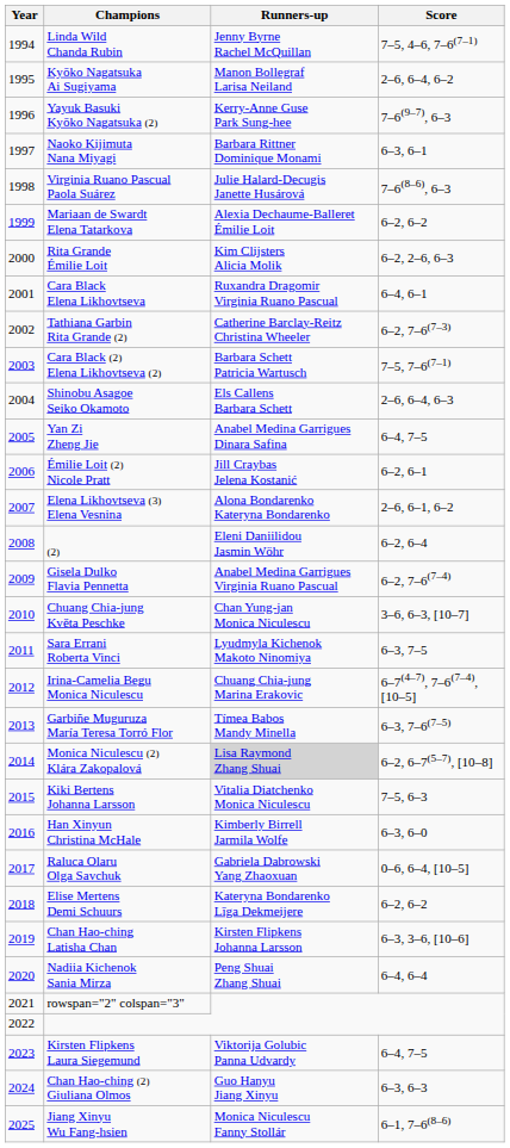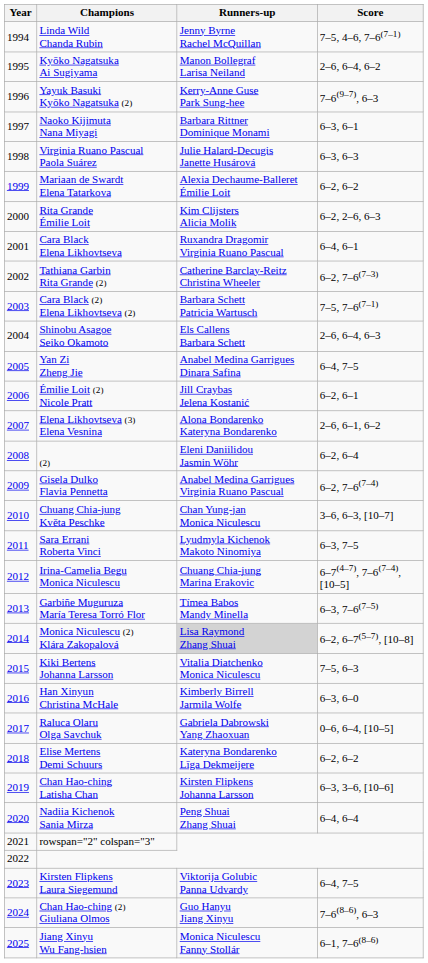 <table class="wikitable">
 <tr>
 <th style="width:40px">Year</th>
 <th style="width:200px">Champions</th>
 <th style="width:200px">Runners-up</th>
 <th style="width:150px" class="unsortable">Score</th>
 </tr>
 <tr>
 <td>1994</td>
 <td> <a href='#'>Linda Wild</a> <br>  <a href='#'>Chanda Rubin</a></td>
 <td> <a href='#'>Jenny Byrne</a> <br>  <a href='#'>Rachel McQuillan</a></td>
 <td>7–5, 4–6, 7–6<sup>(7–1)</sup></td>
 </tr>
 <tr>
 <td>1995</td>
 <td> <a href='#'>Kyōko Nagatsuka</a> <br>  <a href='#'>Ai Sugiyama</a></td>
 <td> <a href='#'>Manon Bollegraf</a> <br>  <a href='#'>Larisa Neiland</a></td>
 <td>2–6, 6–4, 6–2</td>
 </tr>
 <tr>
 <td>1996</td>
 <td> <a href='#'>Yayuk Basuki</a> <br>  <a href='#'>Kyōko Nagatsuka</a> <small> (2) </small></td>
 <td> <a href='#'>Kerry-Anne Guse</a> <br>  <a href='#'>Park Sung-hee</a></td>
 <td>7–6<sup>(9–7)</sup>, 6–3</td>
 </tr>
 <tr>
 <td>1997</td>
 <td> <a href='#'>Naoko Kijimuta</a> <br>  <a href='#'>Nana Miyagi</a></td>
 <td> <a href='#'>Barbara Rittner</a> <br>  <a href='#'>Dominique Monami</a></td>
 <td>6–3, 6–1</td>
 </tr>
 <tr>
 <td>1998</td>
 <td> <a href='#'>Virginia Ruano Pascual</a> <br>  <a href='#'>Paola Suárez</a></td>
 <td> <a href='#'>Julie Halard-Decugis</a> <br>  <a href='#'>Janette Husárová</a></td>
-<td>7–6<sup>(8–6)</sup>, 6–3</td>
+<td>6–3, 6–3</td>
 </tr>
 <tr>
 <td><a href='#'>1999</a></td>
 <td> <a href='#'>Mariaan de Swardt</a> <br>  <a href='#'>Elena Tatarkova</a></td>
 <td> <a href='#'>Alexia Dechaume-Balleret</a> <br>  <a href='#'>Émilie Loit</a></td>
 <td>6–2, 6–2</td>
 </tr>
 <tr>
 <td>2000</td>
 <td> <a href='#'>Rita Grande</a> <br>  <a href='#'>Émilie Loit</a></td>
 <td> <a href='#'>Kim Clijsters</a> <br>  <a href='#'>Alicia Molik</a></td>
 <td>6–2, 2–6, 6–3</td>
 </tr>
 <tr>
 <td>2001</td>
 <td> <a href='#'>Cara Black</a> <br>  <a href='#'>Elena Likhovtseva</a></td>
 <td> <a href='#'>Ruxandra Dragomir</a> <br>  <a href='#'>Virginia Ruano Pascual</a></td>
 <td>6–4, 6–1</td>
 </tr>
 <tr>
 <td>2002</td>
 <td> <a href='#'>Tathiana Garbin</a> <br>  <a href='#'>Rita Grande</a> <small> (2) </small></td>
 <td> <a href='#'>Catherine Barclay-Reitz</a> <br>  <a href='#'>Christina Wheeler</a></td>
 <td>6–2, 7–6<sup>(7–3)</sup></td>
 </tr>
 <tr>
 <td><a href='#'>2003</a></td>
 <td> <a href='#'>Cara Black</a> <small> (2) </small><br>  <a href='#'>Elena Likhovtseva</a> <small> (2) </small></td>
 <td> <a href='#'>Barbara Schett</a> <br>  <a href='#'>Patricia Wartusch</a></td>
 <td>7–5, 7–6<sup>(7–1)</sup></td>
 </tr>
 <tr>
 <td>2004</td>
 <td> <a href='#'>Shinobu Asagoe</a> <br>  <a href='#'>Seiko Okamoto</a></td>
 <td> <a href='#'>Els Callens</a> <br>  <a href='#'>Barbara Schett</a></td>
 <td>2–6, 6–4, 6–3</td>
 </tr>
 <tr>
 <td><a href='#'>2005</a></td>
 <td> <a href='#'>Yan Zi</a> <br>  <a href='#'>Zheng Jie</a></td>
 <td> <a href='#'>Anabel Medina Garrigues</a> <br>  <a href='#'>Dinara Safina</a></td>
 <td>6–4, 7–5</td>
 </tr>
 <tr>
 <td><a href='#'>2006</a></td>
 <td> <a href='#'>Émilie Loit</a> <small> (2) </small><br>  <a href='#'>Nicole Pratt</a></td>
 <td> <a href='#'>Jill Craybas</a> <br>  <a href='#'>Jelena Kostanić</a></td>
 <td>6–2, 6–1</td>
 </tr>
 <tr>
 <td><a href='#'>2007</a></td>
 <td> <a href='#'>Elena Likhovtseva</a> <small> (3) </small> <br>  <a href='#'>Elena Vesnina</a></td>
 <td> <a href='#'>Alona Bondarenko</a> <br>  <a href='#'>Kateryna Bondarenko</a></td>
 <td>2–6, 6–1, 6–2</td>
 </tr>
 <tr>
 <td><a href='#'>2008</a></td>
 <td> <br>  <small> (2) </small></td>
 <td> <a href='#'>Eleni Daniilidou</a> <br>  <a href='#'>Jasmin Wöhr</a></td>
 <td>6–2, 6–4</td>
 </tr>
 <tr>
 <td><a href='#'>2009</a></td>
 <td> <a href='#'>Gisela Dulko</a> <br>  <a href='#'>Flavia Pennetta</a></td>
 <td> <a href='#'>Anabel Medina Garrigues</a> <br>  <a href='#'>Virginia Ruano Pascual</a></td>
 <td>6–2, 7–6<sup>(7–4)</sup></td>
 </tr>
 <tr>
 <td><a href='#'>2010</a></td>
 <td> <a href='#'>Chuang Chia-jung</a> <br>  <a href='#'>Květa Peschke</a></td>
 <td> <a href='#'>Chan Yung-jan</a> <br>  <a href='#'>Monica Niculescu</a></td>
 <td>3–6, 6–3, [10–7]</td>
 </tr>
 <tr>
 <td><a href='#'>2011</a></td>
 <td> <a href='#'>Sara Errani</a> <br>  <a href='#'>Roberta Vinci</a></td>
 <td> <a href='#'>Lyudmyla Kichenok</a> <br>  <a href='#'>Makoto Ninomiya</a></td>
 <td>6–3, 7–5</td>
 </tr>
 <tr>
 <td><a href='#'>2012</a></td>
 <td> <a href='#'>Irina-Camelia Begu</a> <br>  <a href='#'>Monica Niculescu</a></td>
 <td> <a href='#'>Chuang Chia-jung</a> <br>  <a href='#'>Marina Erakovic</a></td>
 <td>6–7<sup>(4–7)</sup>, 7–6<sup>(7–4)</sup>, [10–5]</td>
 </tr>
 <tr>
 <td><a href='#'>2013</a></td>
 <td> <a href='#'>Garbiñe Muguruza</a> <br>  <a href='#'>María Teresa Torró Flor</a></td>
 <td> <a href='#'>Tímea Babos</a> <br>  <a href='#'>Mandy Minella</a></td>
 <td>6–3, 7–6<sup>(7–5)</sup></td>
 </tr>
 <tr>
 <td><a href='#'>2014</a></td>
 <td> <a href='#'>Monica Niculescu</a> <small> (2) </small> <br>  <a href='#'>Klára Zakopalová</a></td>
 <td style="background: lightgrey;"> <a href='#'>Lisa Raymond</a> <br>  <a href='#'>Zhang Shuai</a></td>
 <td>6–2, 6–7<sup>(5–7)</sup>, [10–8]</td>
 </tr>
 <tr>
 <td><a href='#'>2015</a></td>
 <td> <a href='#'>Kiki Bertens</a> <br>  <a href='#'>Johanna Larsson</a></td>
 <td> <a href='#'>Vitalia Diatchenko</a> <br>  <a href='#'>Monica Niculescu</a></td>
 <td>7–5, 6–3</td>
 </tr>
 <tr>
 <td><a href='#'>2016</a></td>
 <td> <a href='#'>Han Xinyun</a> <br>  <a href='#'>Christina McHale</a></td>
 <td> <a href='#'>Kimberly Birrell</a> <br>  <a href='#'>Jarmila Wolfe</a></td>
 <td>6–3, 6–0</td>
 </tr>
 <tr>
 <td><a href='#'>2017</a></td>
 <td> <a href='#'>Raluca Olaru</a> <br>  <a href='#'>Olga Savchuk</a></td>
 <td> <a href='#'>Gabriela Dabrowski</a> <br>  <a href='#'>Yang Zhaoxuan</a></td>
 <td>0–6, 6–4, [10–5]</td>
 </tr>
 <tr>
 <td><a href='#'>2018</a></td>
 <td> <a href='#'>Elise Mertens</a> <br>  <a href='#'>Demi Schuurs</a></td>
 <td> <a href='#'>Kateryna Bondarenko</a> <br>  <a href='#'>Līga Dekmeijere</a></td>
 <td>6–2, 6–2</td>
 </tr>
 <tr>
 <td><a href='#'>2019</a></td>
 <td> <a href='#'>Chan Hao-ching</a> <br>  <a href='#'>Latisha Chan</a></td>
 <td> <a href='#'>Kirsten Flipkens</a> <br>  <a href='#'>Johanna Larsson</a></td>
 <td>6–3, 3–6, [10–6]</td>
 </tr>
 <tr>
 <td><a href='#'>2020</a></td>
 <td> <a href='#'>Nadiia Kichenok</a> <br>  <a href='#'>Sania Mirza</a></td>
 <td> <a href='#'>Peng Shuai</a> <br>  <a href='#'>Zhang Shuai</a></td>
 <td>6–4, 6–4</td>
 </tr>
 <tr>
 <td>2021</td>
 <td>rowspan="2" colspan="3" </td>
 </tr>
 <tr>
 <td>2022</td>
 </tr>
 <tr>
 <td><a href='#'>2023</a></td>
 <td> <a href='#'>Kirsten Flipkens</a> <br>  <a href='#'>Laura Siegemund</a></td>
 <td> <a href='#'>Viktorija Golubic</a> <br>  <a href='#'>Panna Udvardy</a></td>
 <td>6–4, 7–5</td>
 </tr>
 <tr>
 <td><a href='#'>2024</a></td>
 <td> <a href='#'>Chan Hao-ching</a> <small>(2)</small> <br>  <a href='#'>Giuliana Olmos</a></td>
 <td> <a href='#'>Guo Hanyu</a> <br>  <a href='#'>Jiang Xinyu</a></td>
-<td>6–3, 6–3</td>
+<td>7–6<sup>(8–6)</sup>, 6–3</td>
 </tr>
 <tr>
 <td><a href='#'>2025</a></td>
 <td> <a href='#'>Jiang Xinyu</a> <br>  <a href='#'>Wu Fang-hsien</a></td>
 <td> <a href='#'>Monica Niculescu</a> <br>  <a href='#'>Fanny Stollár</a></td>
 <td>6–1, 7–6<sup>(8–6)</sup></td>
 </tr>
 </table>
